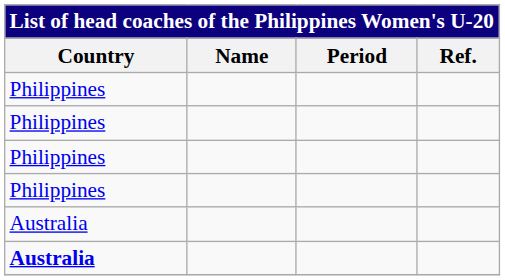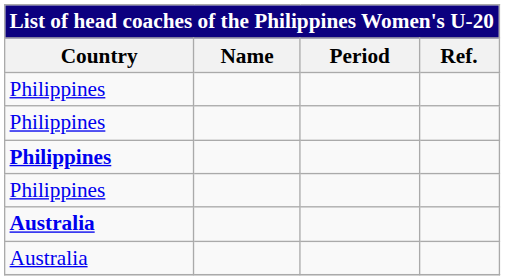 <table class="wikitable mw-collapsible ">
 <tr>
 <th colspan=4 style="background: #0C007F; color: #FFFFFF;">List of head coaches of the Philippines Women's U-20</th>
 </tr>
 <tr>
 <th>Country</th>
 <th>Name</th>
 <th>Period</th>
 <th>Ref.</th>
 </tr>
 <tr>
 <td> <a href='#'>Philippines</a></td>
 <td></td>
 <td></td>
 <td></td>
 </tr>
 <tr>
 <td> <a href='#'>Philippines</a></td>
 <td></td>
 <td></td>
 <td></td>
 </tr>
 <tr>
-<td> <a href='#'>Philippines</a></td>
+<td><strong> <a href='#'>Philippines</a></strong></td>
 <td></td>
 <td></td>
 <td></td>
 </tr>
 <tr>
 <td> <a href='#'>Philippines</a></td>
 <td></td>
 <td></td>
 <td></td>
 </tr>
 <tr>
-<td> <a href='#'>Australia</a></td>
+<td><strong> <a href='#'>Australia</a></strong></td>
 <td></td>
 <td></td>
 <td></td>
 </tr>
 <tr>
-<td><strong> <a href='#'>Australia</a></strong></td>
+<td> <a href='#'>Australia</a></td>
 <td></td>
 <td></td>
 <td></td>
 </tr>
 <tr>
 </tr>
 </table>
